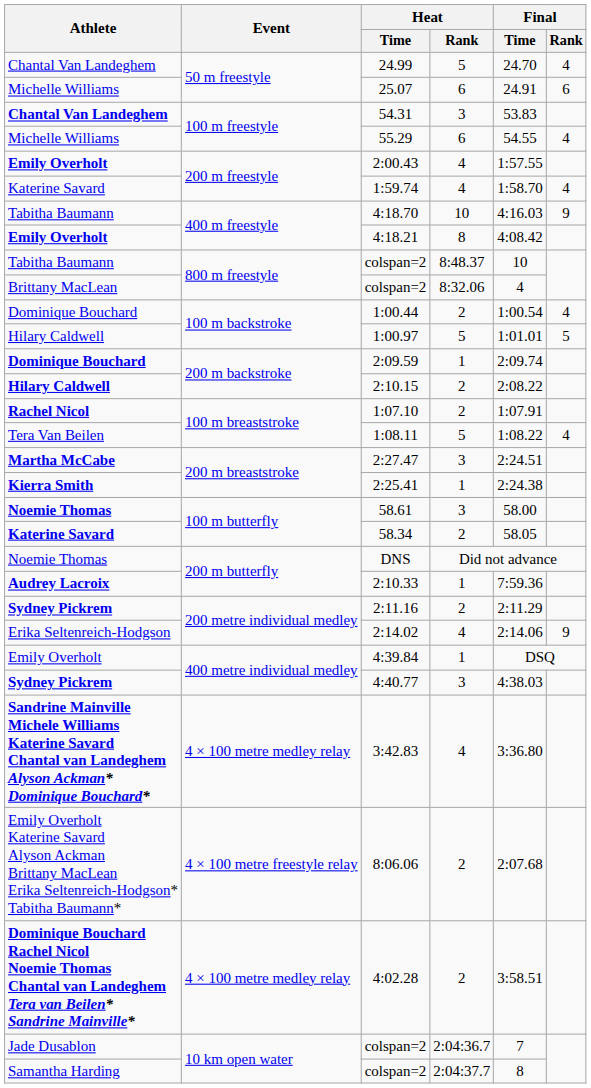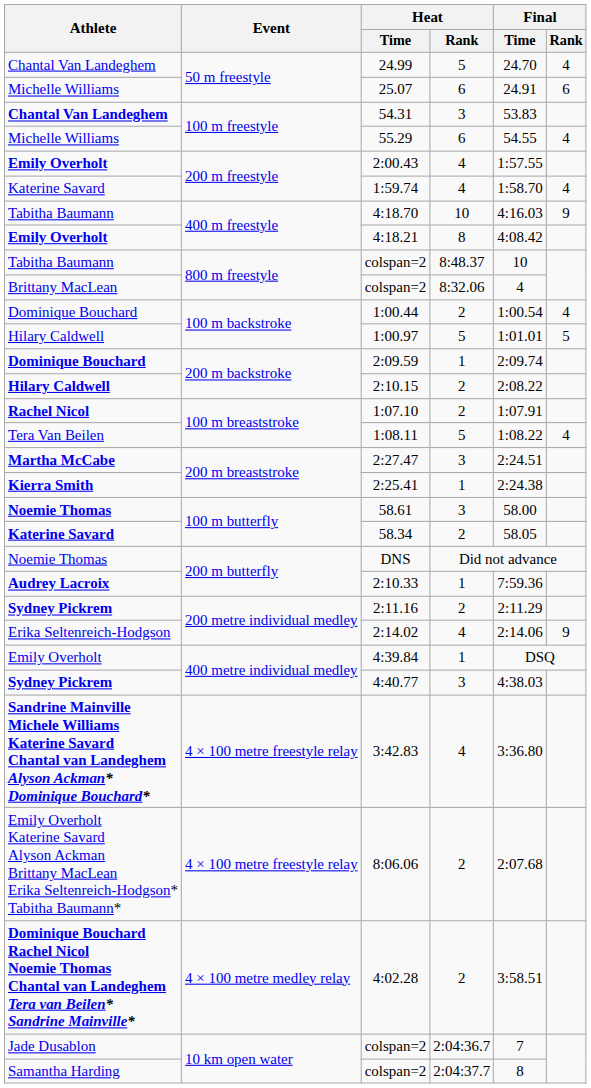 <table class=wikitable style="font-size:90%">
 <tr>
 <th rowspan=2>Athlete</th>
 <th rowspan=2>Event</th>
 <th colspan=2>Heat</th>
 <th colspan=2>Final</th>
 </tr>
 <tr style="font-size:95%">
 <th>Time</th>
 <th>Rank</th>
 <th>Time</th>
 <th>Rank</th>
 </tr>
 <tr align=center>
 <td align=left><a href='#'>Chantal Van Landeghem</a></td>
 <td align=left rowspan=2><a href='#'>50 m freestyle</a></td>
 <td>24.99</td>
 <td>5</td>
 <td>24.70</td>
 <td>4</td>
 </tr>
 <tr align=center>
 <td align=left><a href='#'>Michelle Williams</a></td>
 <td>25.07</td>
 <td>6</td>
 <td>24.91</td>
 <td>6</td>
 </tr>
 <tr align=center>
 <td align=left><strong><a href='#'>Chantal Van Landeghem</a></strong></td>
 <td align=left rowspan=2><a href='#'>100 m freestyle</a></td>
 <td>54.31</td>
 <td>3</td>
 <td>53.83</td>
 <td></td>
 </tr>
 <tr align=center>
 <td align=left><a href='#'>Michelle Williams</a></td>
 <td>55.29</td>
 <td>6</td>
 <td>54.55</td>
 <td>4</td>
 </tr>
 <tr align=center>
 <td align=left><strong><a href='#'>Emily Overholt</a></strong></td>
 <td align=left rowspan=2><a href='#'>200 m freestyle</a></td>
 <td>2:00.43</td>
 <td>4</td>
 <td>1:57.55</td>
 <td></td>
 </tr>
 <tr align=center>
 <td align=left><a href='#'>Katerine Savard</a></td>
 <td>1:59.74</td>
 <td>4</td>
 <td>1:58.70</td>
 <td>4</td>
 </tr>
 <tr align=center>
 <td align=left><a href='#'>Tabitha Baumann</a></td>
 <td align=left rowspan=2><a href='#'>400 m freestyle</a></td>
 <td>4:18.70</td>
 <td>10</td>
 <td>4:16.03</td>
 <td>9</td>
 </tr>
 <tr align=center>
 <td align=left><strong><a href='#'>Emily Overholt</a></strong></td>
 <td>4:18.21</td>
 <td>8</td>
 <td>4:08.42</td>
 <td></td>
 </tr>
 <tr align=center>
 <td align=left><a href='#'>Tabitha Baumann</a></td>
 <td align=left rowspan=2><a href='#'>800 m freestyle</a></td>
 <td>colspan=2 </td>
 <td>8:48.37</td>
 <td>10</td>
 </tr>
 <tr align=center>
 <td align=left><a href='#'>Brittany MacLean</a></td>
 <td>colspan=2 </td>
 <td>8:32.06</td>
 <td>4</td>
 </tr>
 <tr align=center>
 <td align=left><a href='#'>Dominique Bouchard</a></td>
 <td align=left rowspan=2><a href='#'>100 m backstroke</a></td>
 <td>1:00.44</td>
 <td>2</td>
 <td>1:00.54</td>
 <td>4</td>
 </tr>
 <tr align=center>
 <td align=left><a href='#'>Hilary Caldwell</a></td>
 <td>1:00.97</td>
 <td>5</td>
 <td>1:01.01</td>
 <td>5</td>
 </tr>
 <tr align=center>
 <td align=left><strong><a href='#'>Dominique Bouchard</a></strong></td>
 <td align=left rowspan=2><a href='#'>200 m backstroke</a></td>
 <td>2:09.59</td>
 <td>1</td>
 <td>2:09.74</td>
 <td></td>
 </tr>
 <tr align=center>
 <td align=left><strong><a href='#'>Hilary Caldwell</a></strong></td>
 <td>2:10.15</td>
 <td>2</td>
 <td>2:08.22</td>
 <td></td>
 </tr>
 <tr align=center>
 <td align=left><strong><a href='#'>Rachel Nicol</a></strong></td>
 <td align=left rowspan=2><a href='#'>100 m breaststroke</a></td>
 <td>1:07.10</td>
 <td>2</td>
 <td>1:07.91</td>
 <td></td>
 </tr>
 <tr align=center>
 <td align=left><a href='#'>Tera Van Beilen</a></td>
 <td>1:08.11</td>
 <td>5</td>
 <td>1:08.22</td>
 <td>4</td>
 </tr>
 <tr align=center>
 <td align=left><strong><a href='#'>Martha McCabe</a></strong></td>
 <td align=left rowspan=2><a href='#'>200 m breaststroke</a></td>
 <td>2:27.47</td>
 <td>3</td>
 <td>2:24.51</td>
 <td></td>
 </tr>
 <tr align=center>
 <td align=left><strong><a href='#'>Kierra Smith</a></strong></td>
 <td>2:25.41</td>
 <td>1</td>
 <td>2:24.38</td>
 <td></td>
 </tr>
 <tr align=center>
 <td align=left><strong><a href='#'>Noemie Thomas</a></strong></td>
 <td align=left rowspan=2><a href='#'>100 m butterfly</a></td>
 <td>58.61</td>
 <td>3</td>
 <td>58.00</td>
 <td></td>
 </tr>
 <tr align=center>
 <td align=left><strong><a href='#'>Katerine Savard</a></strong></td>
 <td>58.34</td>
 <td>2</td>
 <td>58.05</td>
 <td></td>
 </tr>
 <tr align=center>
 <td align=left><a href='#'>Noemie Thomas</a></td>
 <td align=left rowspan=2><a href='#'>200 m butterfly</a></td>
 <td>DNS</td>
 <td colspan=3>Did not advance</td>
 </tr>
 <tr align=center>
 <td align=left><strong><a href='#'>Audrey Lacroix</a></strong></td>
 <td>2:10.33</td>
 <td>1</td>
 <td>7:59.36</td>
 <td></td>
 </tr>
 <tr align=center>
 <td align=left><strong><a href='#'>Sydney Pickrem</a></strong></td>
 <td align=left rowspan=2><a href='#'>200 metre individual medley</a></td>
 <td>2:11.16</td>
 <td>2</td>
 <td>2:11.29</td>
 <td></td>
 </tr>
 <tr align=center>
 <td align=left><a href='#'>Erika Seltenreich-Hodgson</a></td>
 <td>2:14.02</td>
 <td>4</td>
 <td>2:14.06</td>
 <td>9</td>
 </tr>
 <tr align=center>
 <td align=left><a href='#'>Emily Overholt</a></td>
 <td align=left rowspan=2><a href='#'>400 metre individual medley</a></td>
 <td>4:39.84</td>
 <td>1</td>
 <td colspan=2>DSQ</td>
 </tr>
 <tr align=center>
 <td align=left><strong><a href='#'>Sydney Pickrem</a></strong></td>
 <td>4:40.77</td>
 <td>3</td>
 <td>4:38.03</td>
 <td></td>
 </tr>
 <tr align=center>
 <td align=left><strong><a href='#'>Sandrine Mainville</a> <br><a href='#'>Michele Williams</a><br><a href='#'>Katerine Savard</a><br><a href='#'>Chantal van Landeghem</a><br><em><a href='#'>Alyson Ackman</a>*</em><br><em><a href='#'>Dominique Bouchard</a>*<strong><em></td>
-<td align=left><a href='#'>4 × 100 metre medley relay</a></td>
+<td align=left><a href='#'>4 × 100 metre freestyle relay</a></td>
 <td>3:42.83</td>
 <td>4</td>
 <td>3:36.80</td>
 <td></td>
 </tr>
 <tr align=center>
 <td align=left></strong><a href='#'>Emily Overholt</a> <br><a href='#'>Katerine Savard</a><br><a href='#'>Alyson Ackman</a><br><a href='#'>Brittany MacLean</a><br></em><a href='#'>Erika Seltenreich-Hodgson</a>*<em><br></em><a href='#'>Tabitha Baumann</a>*</em></strong></td>
 <td align=left><a href='#'>4 × 100 metre freestyle relay</a></td>
 <td>8:06.06</td>
 <td>2</td>
 <td>2:07.68</td>
 <td></td>
 </tr>
 <tr align=center>
 <td align=left><strong><a href='#'>Dominique Bouchard</a> <br><a href='#'>Rachel Nicol</a><br><a href='#'>Noemie Thomas</a><br><a href='#'>Chantal van Landeghem</a><br><em><a href='#'>Tera van Beilen</a>*</em><br><em><a href='#'>Sandrine Mainville</a>*<strong><em></td>
 <td align=left><a href='#'>4 × 100 metre medley relay</a></td>
 <td>4:02.28</td>
 <td>2</td>
 <td>3:58.51</td>
 <td></td>
 </tr>
 <tr align=center>
 <td align=left><a href='#'>Jade Dusablon</a></td>
 <td align=left rowspan=2><a href='#'>10 km open water</a></td>
 <td>colspan=2 </td>
 <td>2:04:36.7</td>
 <td>7</td>
 </tr>
 <tr align=center>
 <td align=left><a href='#'>Samantha Harding</a></td>
 <td>colspan=2 </td>
 <td>2:04:37.7</td>
 <td>8</td>
 </tr>
 </table>
